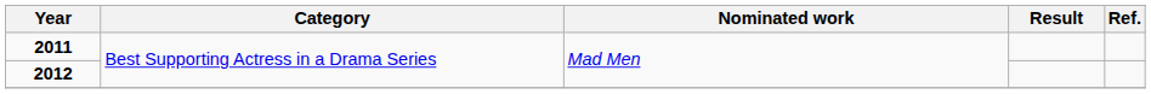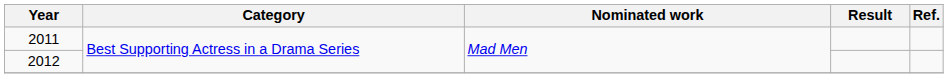 <table class=wikitable>
 <tr>
 <th scope="col" style="width:5em;">Year</th>
 <th scope="col" style="width:26em;">Category</th>
 <th scope="col" style="width:25em;">Nominated work</th>
 <th scope="col" style="width:5em;">Result</th>
 <th>Ref.</th>
 </tr>
 <tr>
-<td style="text-align:center;"><strong>2011</strong></td>
+<td style="text-align:center;">2011</td>
 <td rowspan=2><a href='#'>Best Supporting Actress in a Drama Series</a></td>
 <td rowspan=2><em><a href='#'>Mad Men</a></em></td>
 <td></td>
 <td align=center></td>
 </tr>
 <tr>
-<td style="text-align:center;"><strong>2012</strong></td>
+<td style="text-align:center;">2012</td>
 <td></td>
 <td align=center></td>
 </tr>
 <tr>
 </tr>
 </table>
